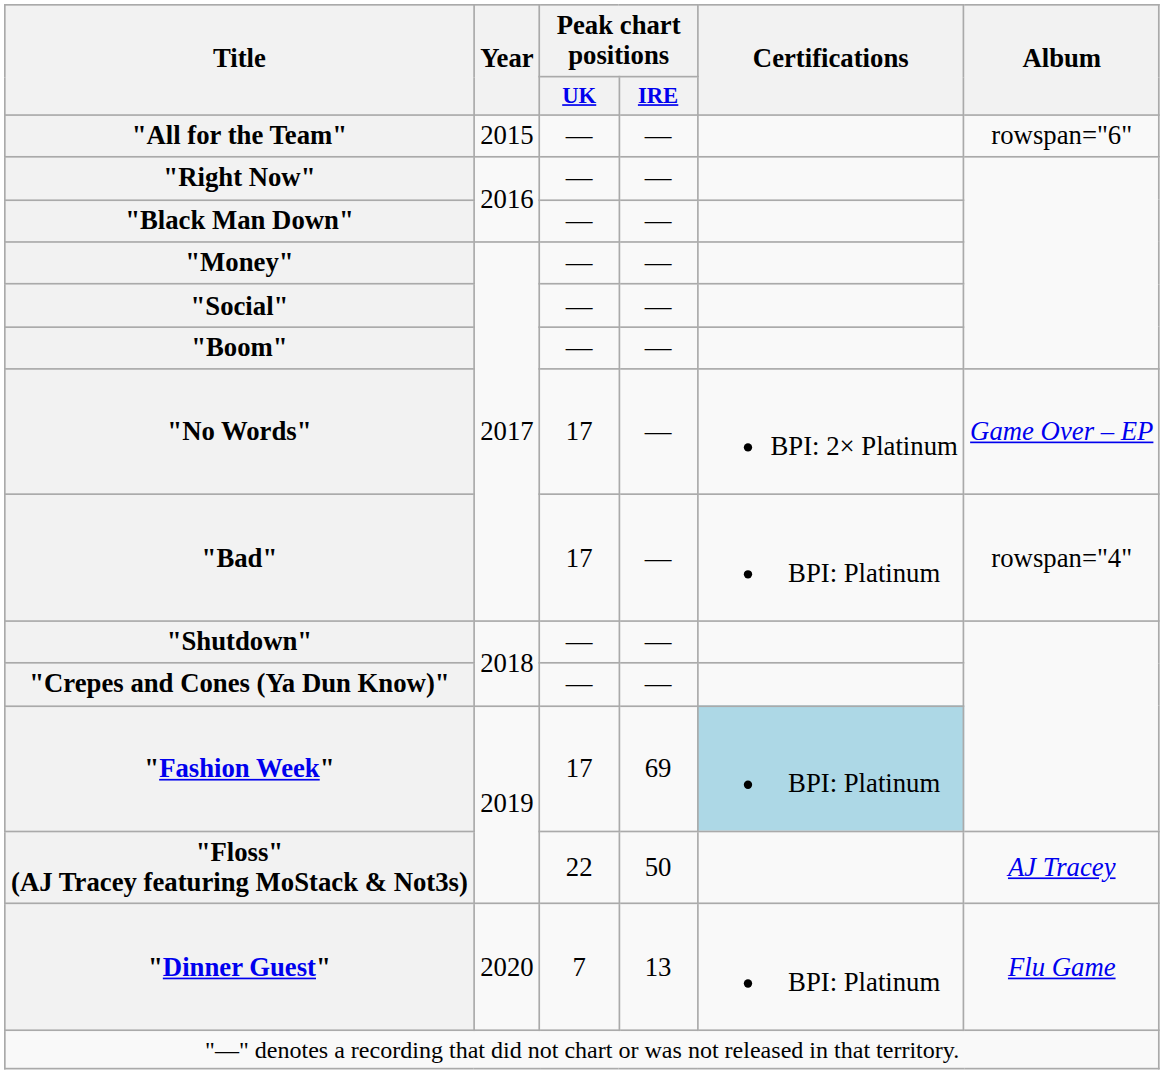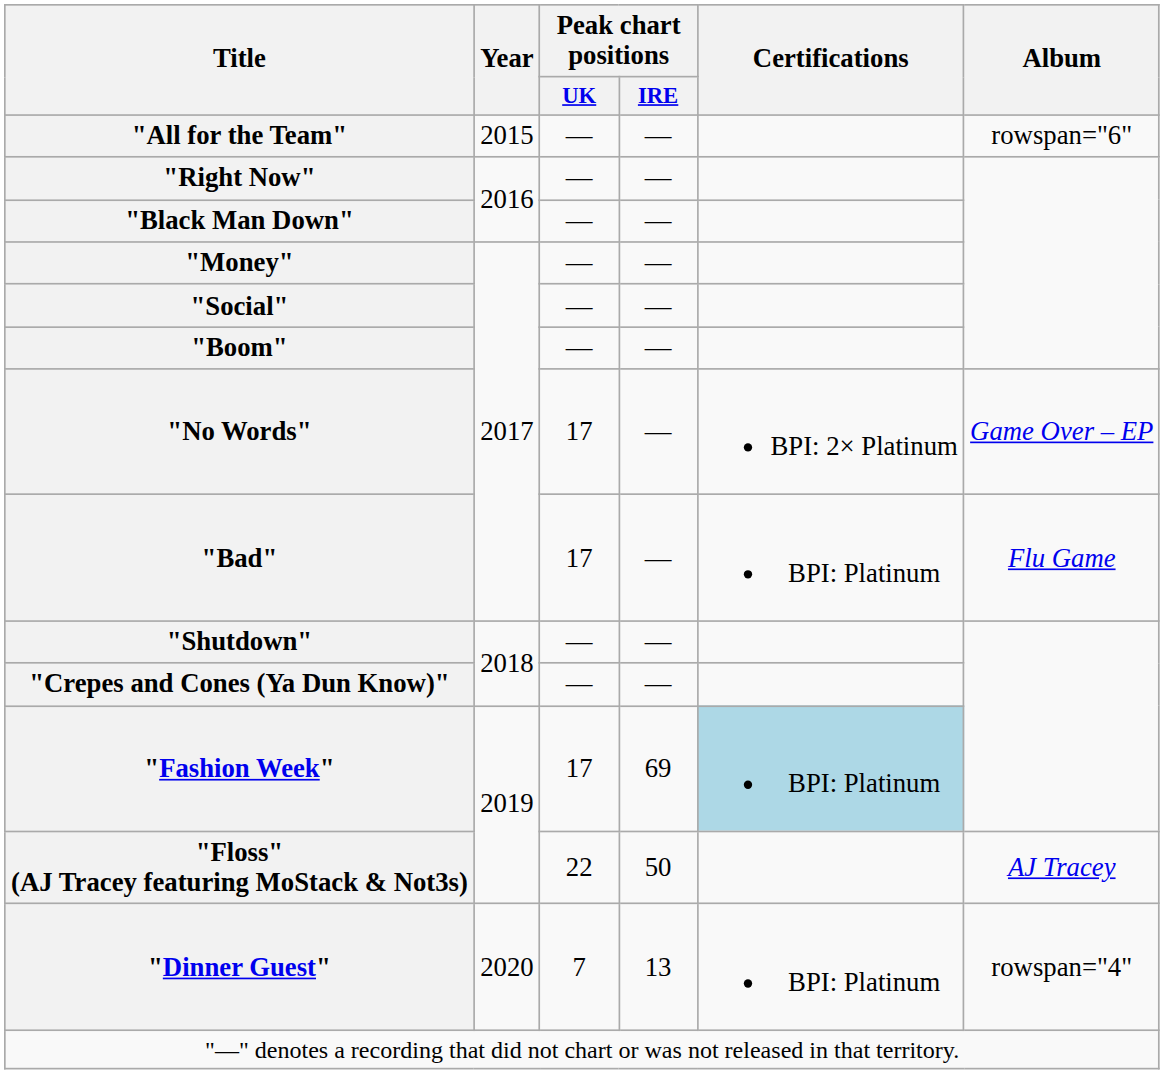 <table class="wikitable plainrowheaders" style="text-align:center;">
 <tr>
 <th scope="col" rowspan="2">Title</th>
 <th scope="col" rowspan="2">Year</th>
 <th scope="col" colspan="2">Peak chart positions</th>
 <th scope="col" rowspan="2">Certifications</th>
 <th scope="col" rowspan="2">Album</th>
 </tr>
 <tr>
 <th scope="col" style="width:3em;font-size:85%;"><a href='#'>UK</a><br></th>
 <th scope="col" style="width:3em;font-size:85%;"><a href='#'>IRE</a><br></th>
 </tr>
 <tr>
 <th scope="row">"All for the Team"<br></th>
 <td>2015</td>
 <td>—</td>
 <td>—</td>
 <td></td>
 <td>rowspan="6" </td>
 </tr>
 <tr>
 <th scope="row">"Right Now"<br></th>
 <td rowspan="2">2016</td>
 <td>—</td>
 <td>—</td>
 <td></td>
 </tr>
 <tr>
 <th scope="row">"Black Man Down"<br></th>
 <td>—</td>
 <td>—</td>
 <td></td>
 </tr>
 <tr>
 <th scope="row">"Money"<br></th>
 <td rowspan="5">2017</td>
 <td>—</td>
 <td>—</td>
 <td></td>
 </tr>
 <tr>
 <th scope="row">"Social"<br></th>
 <td>—</td>
 <td>—</td>
 <td></td>
 </tr>
 <tr>
 <th scope="row">"Boom"<br></th>
 <td>—</td>
 <td>—</td>
 <td></td>
 </tr>
 <tr>
 <th scope="row">"No Words"<br></th>
 <td>17</td>
 <td>—</td>
 <td><br><ul><li>BPI: 2× Platinum</li></ul></td>
 <td><em><a href='#'>Game Over – EP</a></em></td>
 </tr>
 <tr>
 <th scope="row">"Bad"<br></th>
 <td>17</td>
 <td>—</td>
 <td><br><ul><li>BPI: Platinum</li></ul></td>
-<td>rowspan="4" </td>
+<td><em><a href='#'>Flu Game</a></em></td>
 </tr>
 <tr>
 <th scope="row">"Shutdown"<br></th>
 <td rowspan="2">2018</td>
 <td>—</td>
 <td>—</td>
 <td></td>
 </tr>
 <tr>
 <th scope="row">"Crepes and Cones (Ya Dun Know)"<br></th>
 <td>—</td>
 <td>—</td>
 <td></td>
 </tr>
 <tr>
 <th scope="row">"<a href='#'>Fashion Week</a>"<br></th>
 <td rowspan="2">2019</td>
 <td>17</td>
 <td>69</td>
 <td style="background: lightblue;"><br><ul><li>BPI: Platinum</li></ul></td>
 </tr>
 <tr>
 <th scope="row">"Floss"<br><span>(AJ Tracey featuring MoStack & Not3s)</span></th>
 <td>22</td>
 <td>50</td>
 <td></td>
 <td><em><a href='#'>AJ Tracey</a></em></td>
 </tr>
 <tr>
 <th scope="row">"<a href='#'>Dinner Guest</a>"<br></th>
 <td>2020</td>
 <td>7</td>
 <td>13</td>
 <td><br><ul><li>BPI: Platinum</li></ul></td>
-<td><em><a href='#'>Flu Game</a></em></td>
+<td>rowspan="4" </td>
 </tr>
 <tr>
 <td colspan="6" style="font-size:90%">"—" denotes a recording that did not chart or was not released in that territory.</td>
 </tr>
 </table>
